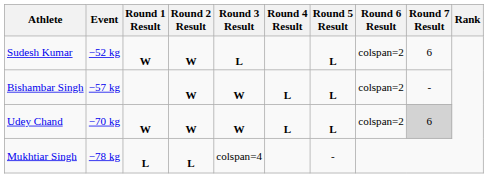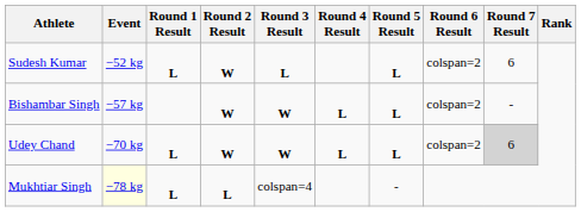 <table class="wikitable" style="font-size:90%">
 <tr>
 <th>Athlete</th>
 <th>Event</th>
 <th>Round 1<br>Result</th>
 <th>Round 2<br>Result</th>
 <th>Round 3<br>Result</th>
 <th>Round 4<br>Result</th>
 <th>Round 5<br>Result</th>
 <th>Round 6<br>Result</th>
 <th>Round 7<br>Result</th>
 <th>Rank</th>
 </tr>
 <tr align=center>
 <td align=left><a href='#'>Sudesh Kumar</a></td>
 <td align=left><a href='#'>−52 kg</a></td>
-<td><br><strong>W</strong> <sup></sup></td>
+<td><br><strong>L</strong> <sup></sup></td>
 <td><br><strong>W</strong> <sup></sup></td>
 <td><br><strong>L</strong> <sup></sup></td>
 <td></td>
 <td><br><strong>L</strong> <sup></sup></td>
 <td>colspan=2 </td>
 <td>6</td>
 </tr>
 <tr align=center>
 <td align=left><a href='#'>Bishambar Singh</a></td>
 <td align=left><a href='#'>−57 kg</a></td>
 <td></td>
 <td><br><strong>W</strong> <sup></sup></td>
 <td><br><strong>W</strong> <sup></sup></td>
 <td><br><strong>L</strong> <sup></sup></td>
 <td><br><strong>L</strong> <sup></sup></td>
 <td>colspan=2 </td>
 <td>-</td>
 </tr>
 <tr align=center>
 <td align=left><a href='#'>Udey Chand</a></td>
 <td align=left><a href='#'>−70 kg</a></td>
-<td><br><strong>W</strong> <sup></sup></td>
+<td><br><strong>L</strong> <sup></sup></td>
 <td><br><strong>W</strong> <sup></sup></td>
 <td><br><strong>W</strong> <sup></sup></td>
 <td><br><strong>L</strong> <sup></sup></td>
 <td><br><strong>L</strong> <sup></sup></td>
 <td>colspan=2 </td>
 <td style="background: lightgrey;">6</td>
 </tr>
 <tr align=center>
 <td align=left><a href='#'>Mukhtiar Singh</a></td>
-<td align=left><a href='#'>−78 kg</a></td>
+<td align=left style="background: lightyellow;"><a href='#'>−78 kg</a></td>
 <td><br><strong>L</strong> <sup></sup></td>
 <td><br><strong>L</strong> <sup></sup></td>
 <td>colspan=4 </td>
 <td></td>
 <td>-</td>
 </tr>
 </table>
